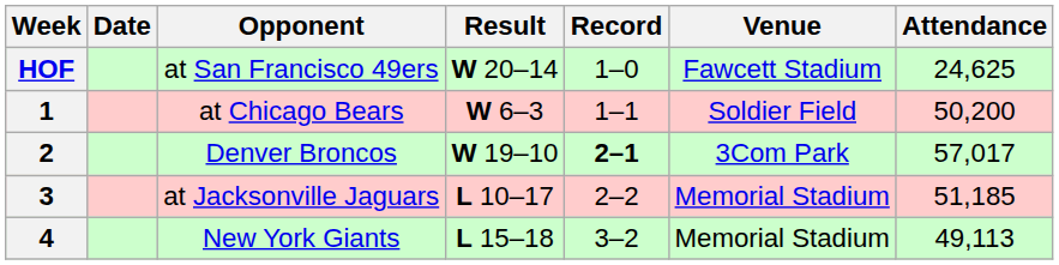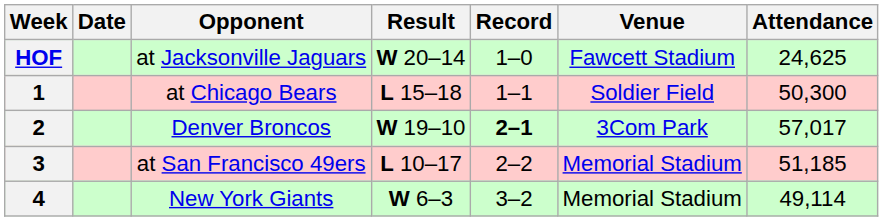 <table class="wikitable" style="text-align:center">
 <tr>
 <th>Week</th>
 <th>Date</th>
 <th>Opponent</th>
 <th>Result</th>
 <th>Record</th>
 <th>Venue</th>
 <th>Attendance</th>
 </tr>
 <tr style="background:#cfc">
 <th><a href='#'>HOF</a></th>
 <td></td>
-<td>at <a href='#'>San Francisco 49ers</a></td>
+<td>at <a href='#'>Jacksonville Jaguars</a></td>
 <td><strong>W</strong> 20–14</td>
 <td>1–0</td>
 <td><a href='#'>Fawcett Stadium</a></td>
 <td>24,625</td>
 </tr>
 <tr style="background:#fcc">
 <th>1</th>
 <td></td>
 <td>at <a href='#'>Chicago Bears</a></td>
-<td><strong>W</strong> 6–3</td>
+<td><strong>L</strong> 15–18</td>
 <td>1–1</td>
 <td><a href='#'>Soldier Field</a></td>
-<td>50,200</td>
+<td>50,300</td>
 </tr>
 <tr style="background:#cfc">
 <th>2</th>
 <td></td>
 <td><a href='#'>Denver Broncos</a></td>
 <td><strong>W</strong> 19–10</td>
 <td><strong>2–1</strong></td>
 <td><a href='#'>3Com Park</a></td>
 <td>57,017</td>
 </tr>
 <tr style="background:#fcc">
 <th>3</th>
 <td></td>
-<td>at <a href='#'>Jacksonville Jaguars</a></td>
+<td>at <a href='#'>San Francisco 49ers</a></td>
 <td><strong>L</strong> 10–17</td>
 <td>2–2</td>
 <td><a href='#'>Memorial Stadium</a></td>
 <td>51,185</td>
 </tr>
 <tr style="background:#cfc">
 <th>4</th>
 <td></td>
 <td><a href='#'>New York Giants</a></td>
-<td><strong>L</strong> 15–18</td>
+<td><strong>W</strong> 6–3</td>
 <td>3–2</td>
 <td>Memorial Stadium</td>
-<td>49,113</td>
+<td>49,114</td>
 </tr>
 </table>
